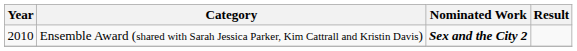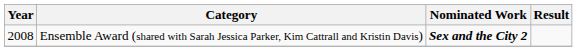 <table class="wikitable">
 <tr>
 <th>Year</th>
 <th>Category</th>
 <th>Nominated Work</th>
 <th>Result</th>
 </tr>
 <tr>
-<td>2010</td>
+<td>2008</td>
 <td>Ensemble Award (<small>shared with Sarah Jessica Parker, Kim Cattrall and Kristin Davis</small>)</td>
 <td><strong><em>Sex and the City 2</em></strong></td>
 <td></td>
 </tr>
 <tr>
 </tr>
 </table>
